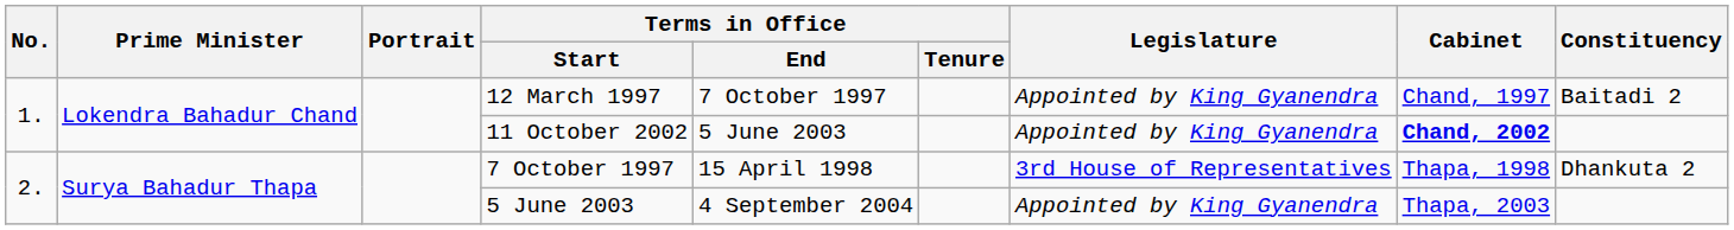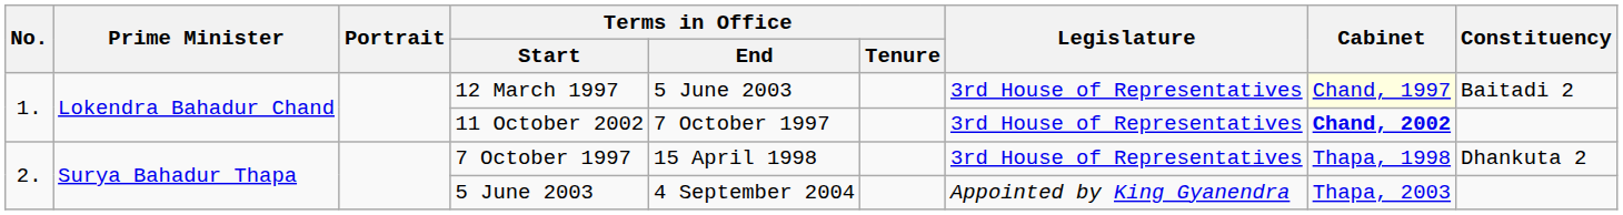 <table class="wikitable">
 <tr>
 <th rowspan="2" style="background-color:">No.</th>
 <th rowspan="2" style="background-color:">Prime Minister</th>
 <th rowspan="2" style="background-color:">Portrait</th>
 <th colspan="3" style="background-color:">Terms in Office</th>
 <th rowspan="2" style="background-color:">Legislature</th>
 <th rowspan="2" style="background-color:">Cabinet</th>
 <th rowspan="2" style="background-color:">Constituency</th>
 </tr>
 <tr>
 <th style="background-color:">Start</th>
 <th style="background-color:">End</th>
 <th style="background-color:">Tenure</th>
 </tr>
 <tr>
 <td rowspan="2" style="text-align: center;">1.</td>
 <td rowspan="2"><a href='#'>Lokendra Bahadur Chand</a></td>
 <td rowspan="2"></td>
 <td>12 March 1997</td>
-<td>7 October 1997</td>
+<td>5 June 2003</td>
 <td></td>
-<td><em>Appointed by <a href='#'>King Gyanendra</a></em></td>
-<td><a href='#'>Chand, 1997</a></td>
+<td><a href='#'>3rd House of Representatives</a></td>
+<td style="background: lightyellow;"><a href='#'>Chand, 1997</a></td>
 <td>Baitadi 2</td>
 </tr>
 <tr>
 <td>11 October 2002</td>
-<td>5 June 2003</td>
+<td>7 October 1997</td>
 <td></td>
-<td><em>Appointed by <a href='#'>King Gyanendra</a></em></td>
+<td><a href='#'>3rd House of Representatives</a></td>
 <td><strong><a href='#'>Chand, 2002</a></strong></td>
 <td></td>
 </tr>
 <tr>
 <td rowspan="2" style="text-align: center;">2.</td>
 <td rowspan="2"><a href='#'>Surya Bahadur Thapa</a></td>
 <td rowspan="2"></td>
 <td>7 October 1997</td>
 <td>15 April 1998</td>
 <td></td>
 <td><a href='#'>3rd House of Representatives</a></td>
 <td><a href='#'>Thapa, 1998</a></td>
 <td>Dhankuta 2</td>
 </tr>
 <tr>
 <td>5 June 2003</td>
 <td>4 September 2004</td>
 <td></td>
 <td><em>Appointed by <a href='#'>King Gyanendra</a></em></td>
 <td><a href='#'>Thapa, 2003</a></td>
 <td></td>
 </tr>
 </table>
